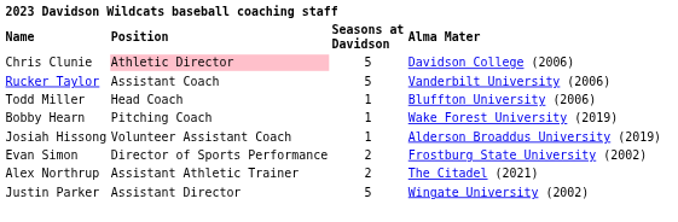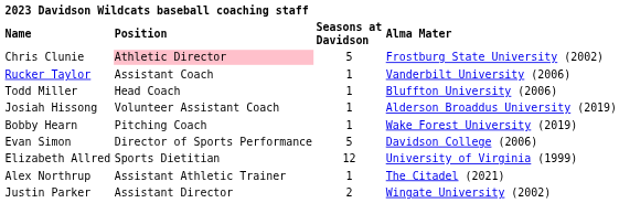 <table class="toccolours" style="text-align: left; font-size:90%;">
 <tr>
 <th colspan="4">2023 Davidson Wildcats baseball coaching staff</th>
 </tr>
 <tr>
 <th>Name</th>
 <th>Position</th>
 <th>Seasons at<br>Davidson</th>
 <th>Alma Mater</th>
 </tr>
 <tr>
 <td>Chris Clunie</td>
 <td style="background: pink;">Athletic Director</td>
 <td align=center>5</td>
-<td><a href='#'>Davidson College</a> (2006)</td>
+<td><a href='#'>Frostburg State University</a> (2002)</td>
 </tr>
 <tr>
 <td><a href='#'>Rucker Taylor</a></td>
 <td>Assistant Coach</td>
-<td align=center>5</td>
+<td align=center>1</td>
 <td><a href='#'>Vanderbilt University</a> (2006)</td>
 </tr>
 <tr>
 <td>Todd Miller</td>
 <td>Head Coach</td>
 <td align=center>1</td>
 <td><a href='#'>Bluffton University</a> (2006)</td>
 </tr>
 <tr>
+<td>Josiah Hissong</td>
+<td>Volunteer Assistant Coach</td>
+<td align=center>1</td>
+<td><a href='#'>Alderson Broaddus University</a> (2019)</td>
+</tr>
+<tr>
 <td>Bobby Hearn</td>
 <td>Pitching Coach</td>
 <td align=center>1</td>
 <td><a href='#'>Wake Forest University</a> (2019)</td>
 </tr>
 <tr>
-<td>Josiah Hissong</td>
-<td>Volunteer Assistant Coach</td>
-<td align=center>1</td>
-<td><a href='#'>Alderson Broaddus University</a> (2019)</td>
+<td>Evan Simon</td>
+<td>Director of Sports Performance</td>
+<td align="center">5</td>
+<td><a href='#'>Davidson College</a> (2006)</td>
 </tr>
 <tr>
-<td>Evan Simon</td>
-<td>Director of Sports Performance</td>
-<td align="center">2</td>
-<td><a href='#'>Frostburg State University</a> (2002)</td>
+<td>Elizabeth Allred</td>
+<td>Sports Dietitian</td>
+<td align=center>12</td>
+<td><a href='#'>University of Virginia</a> (1999)</td>
 </tr>
 <tr>
 <td>Alex Northrup</td>
 <td>Assistant Athletic Trainer</td>
-<td align=center>2</td>
+<td align=center>1</td>
 <td><a href='#'>The Citadel</a> (2021)</td>
 </tr>
 <tr>
 <td>Justin Parker</td>
 <td>Assistant Director</td>
-<td align=center>5</td>
+<td align=center>2</td>
 <td><a href='#'>Wingate University</a> (2002)</td>
 </tr>
 <tr>
 </tr>
 </table>
